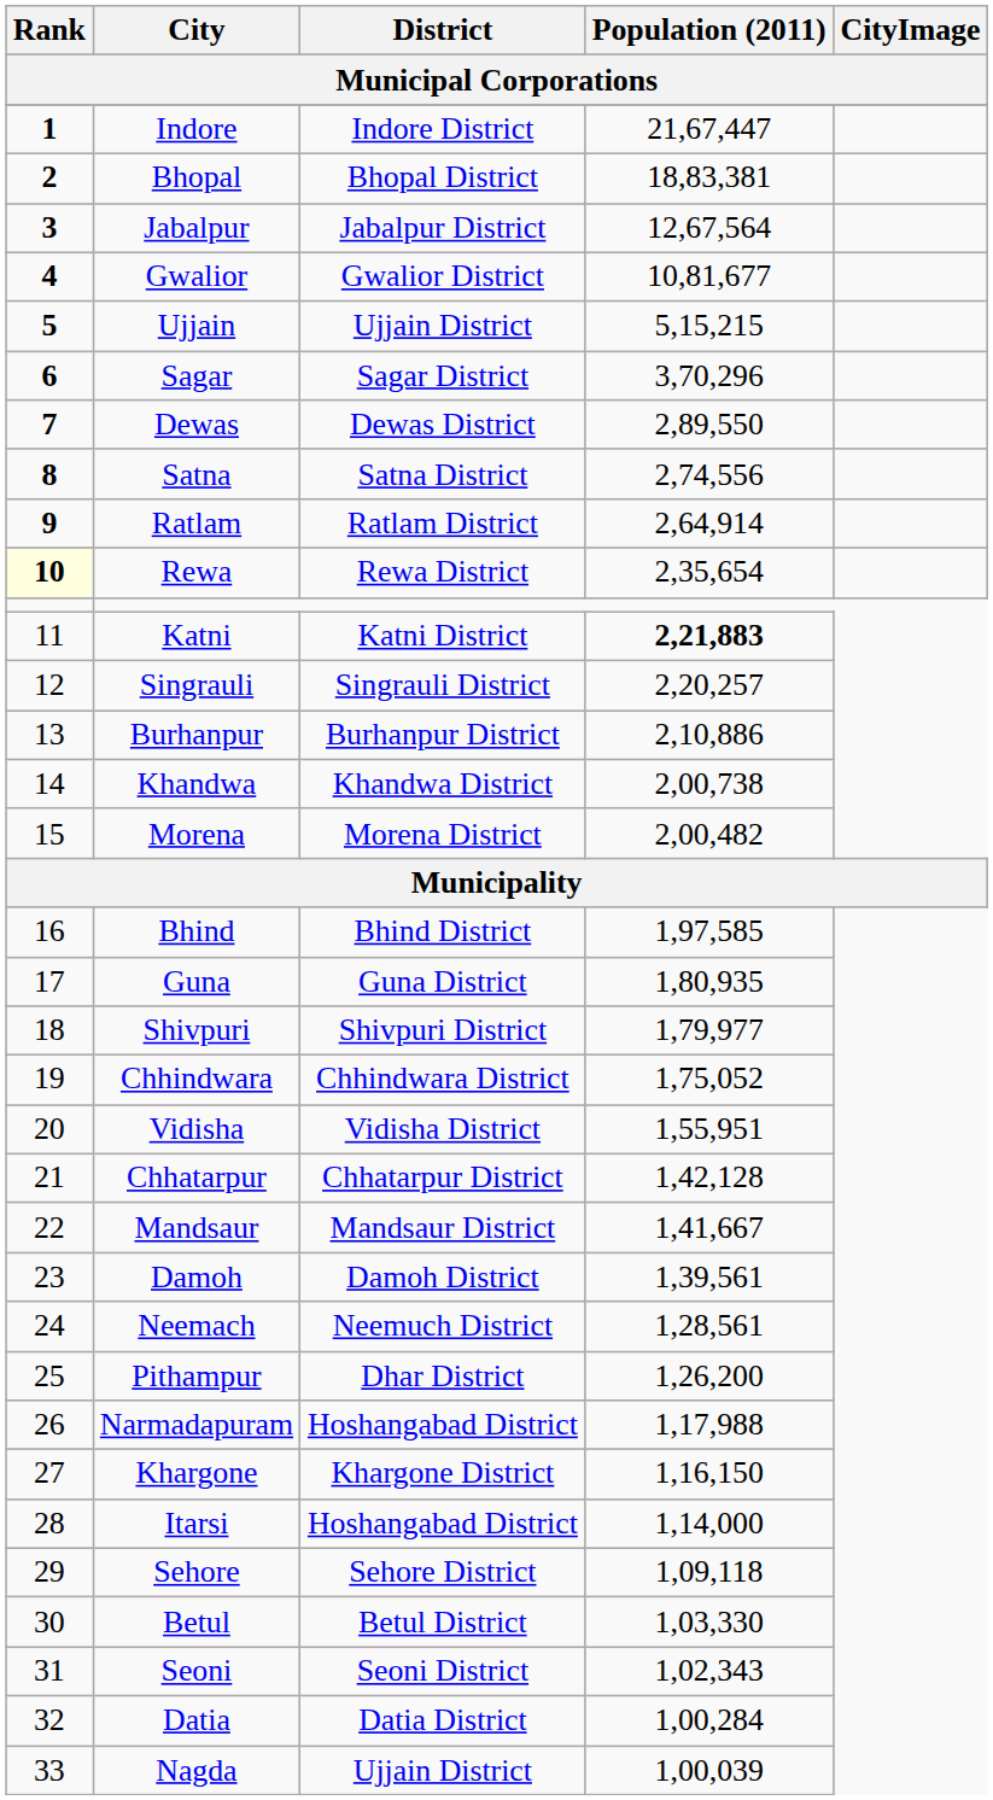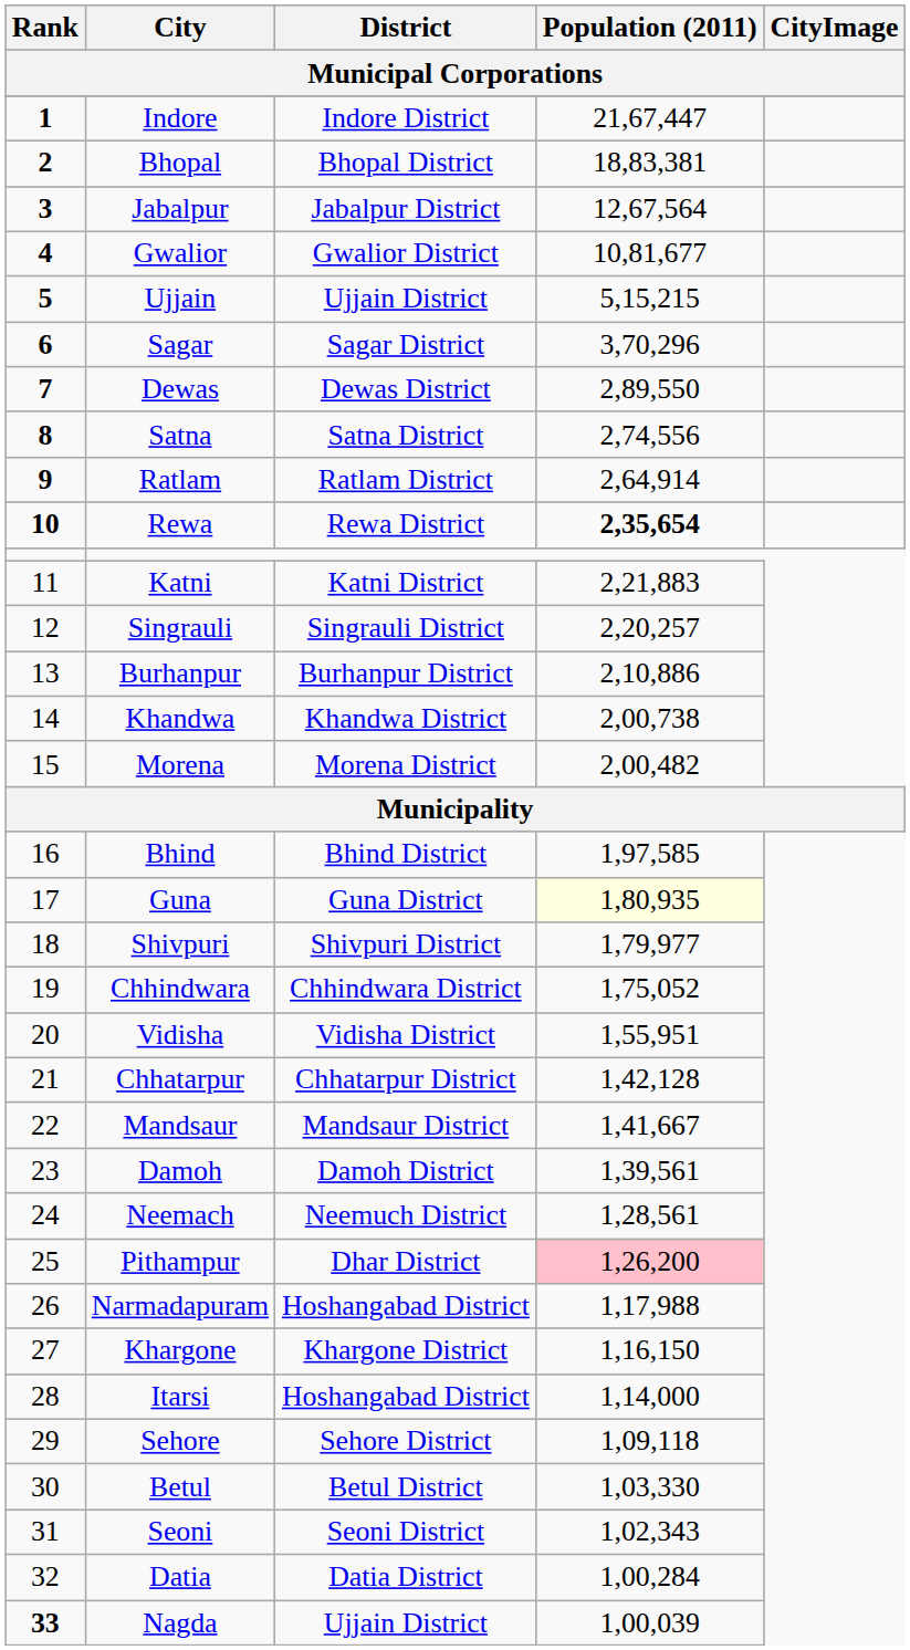 <table class="wikitable" style="margin-left: auto; margin-right: auto; border: none; text-align:center;">
 <tr>
 <th scope="col">Rank</th>
 <th>City</th>
 <th>District</th>
 <th>Population (2011)</th>
 <th>CityImage</th>
 </tr>
 <tr>
 <th colspan="6" style="text-align:center;"><span><strong>Municipal Corporations</strong></span></th>
 </tr>
 <tr>
 </tr>
 <tr>
 <td><strong>1</strong></td>
 <td><a href='#'>Indore</a></td>
 <td><a href='#'>Indore District</a></td>
 <td>21,67,447</td>
 <td></td>
 </tr>
 <tr>
 <td><strong>2</strong></td>
 <td><a href='#'>Bhopal</a></td>
 <td><a href='#'>Bhopal District</a></td>
 <td>18,83,381</td>
 <td></td>
 </tr>
 <tr>
 <td><strong>3</strong></td>
 <td><a href='#'>Jabalpur</a></td>
 <td><a href='#'>Jabalpur District</a></td>
 <td>12,67,564</td>
 <td></td>
 </tr>
 <tr>
 <td><strong>4</strong></td>
 <td><a href='#'>Gwalior</a></td>
 <td><a href='#'>Gwalior District</a></td>
 <td>10,81,677</td>
 <td></td>
 </tr>
 <tr>
 <td><strong>5</strong></td>
 <td><a href='#'>Ujjain</a></td>
 <td><a href='#'>Ujjain District</a></td>
 <td>5,15,215</td>
 <td></td>
 </tr>
 <tr>
 <td><strong>6</strong></td>
 <td><a href='#'>Sagar</a></td>
 <td><a href='#'>Sagar District</a></td>
 <td>3,70,296</td>
 <td></td>
 </tr>
 <tr>
 <td><strong>7</strong></td>
 <td><a href='#'>Dewas</a></td>
 <td><a href='#'>Dewas District</a></td>
 <td>2,89,550</td>
 <td></td>
 </tr>
 <tr>
 <td><strong>8</strong></td>
 <td><a href='#'>Satna</a></td>
 <td><a href='#'>Satna District</a></td>
 <td>2,74,556</td>
 <td></td>
 </tr>
 <tr>
 <td><strong>9</strong></td>
 <td><a href='#'>Ratlam</a></td>
 <td><a href='#'>Ratlam District</a></td>
 <td>2,64,914</td>
 <td></td>
 </tr>
 <tr>
-<td style="background: lightyellow;"><strong>10</strong></td>
+<td><strong>10</strong></td>
 <td><a href='#'>Rewa</a></td>
 <td><a href='#'>Rewa District</a></td>
-<td>2,35,654</td>
+<td><strong>2,35,654</strong></td>
 <td></td>
 </tr>
 <tr>
 <td></td>
 </tr>
 <tr>
 <td>11</td>
 <td><a href='#'>Katni</a></td>
 <td><a href='#'>Katni District</a></td>
-<td><strong>2,21,883</strong></td>
+<td>2,21,883</td>
 </tr>
 <tr>
 <td>12</td>
 <td><a href='#'>Singrauli</a></td>
 <td><a href='#'>Singrauli District</a></td>
 <td>2,20,257</td>
 </tr>
 <tr>
 <td>13</td>
 <td><a href='#'>Burhanpur</a></td>
 <td><a href='#'>Burhanpur District</a></td>
 <td>2,10,886</td>
 </tr>
 <tr>
 <td>14</td>
 <td><a href='#'>Khandwa</a></td>
 <td><a href='#'>Khandwa District</a></td>
 <td>2,00,738</td>
 </tr>
 <tr>
 <td>15</td>
 <td><a href='#'>Morena</a></td>
 <td><a href='#'>Morena District</a></td>
 <td>2,00,482</td>
 </tr>
 <tr>
 <th colspan="6" style="text-align:center;"><span><strong>Municipality</strong></span></th>
 </tr>
 <tr>
 <td>16</td>
 <td><a href='#'>Bhind</a></td>
 <td><a href='#'>Bhind District</a></td>
 <td>1,97,585</td>
 </tr>
 <tr>
 <td>17</td>
 <td><a href='#'>Guna</a></td>
 <td><a href='#'>Guna District</a></td>
-<td>1,80,935</td>
+<td style="background: lightyellow;">1,80,935</td>
 </tr>
 <tr>
 <td>18</td>
 <td><a href='#'>Shivpuri</a></td>
 <td><a href='#'>Shivpuri District</a></td>
 <td>1,79,977</td>
 </tr>
 <tr>
 <td>19</td>
 <td><a href='#'>Chhindwara</a></td>
 <td><a href='#'>Chhindwara District</a></td>
 <td>1,75,052</td>
 </tr>
 <tr>
 <td>20</td>
 <td><a href='#'>Vidisha</a></td>
 <td><a href='#'>Vidisha District</a></td>
 <td>1,55,951</td>
 </tr>
 <tr>
 <td>21</td>
 <td><a href='#'>Chhatarpur</a></td>
 <td><a href='#'>Chhatarpur District</a></td>
 <td>1,42,128</td>
 </tr>
 <tr>
 <td>22</td>
 <td><a href='#'>Mandsaur</a></td>
 <td><a href='#'>Mandsaur District</a></td>
 <td>1,41,667</td>
 </tr>
 <tr>
 <td>23</td>
 <td><a href='#'>Damoh</a></td>
 <td><a href='#'>Damoh District</a></td>
 <td>1,39,561</td>
 </tr>
 <tr>
 <td>24</td>
 <td><a href='#'>Neemach</a></td>
 <td><a href='#'>Neemuch District</a></td>
 <td>1,28,561</td>
 </tr>
 <tr>
 <td>25</td>
 <td><a href='#'>Pithampur</a></td>
 <td><a href='#'>Dhar District</a></td>
-<td>1,26,200</td>
+<td style="background: pink;">1,26,200</td>
 </tr>
 <tr>
 <td>26</td>
 <td><a href='#'>Narmadapuram</a></td>
 <td><a href='#'>Hoshangabad District</a></td>
 <td>1,17,988</td>
 </tr>
 <tr>
 <td>27</td>
 <td><a href='#'>Khargone</a></td>
 <td><a href='#'>Khargone District</a></td>
 <td>1,16,150</td>
 </tr>
 <tr>
 <td>28</td>
 <td><a href='#'>Itarsi</a></td>
 <td><a href='#'>Hoshangabad District</a></td>
 <td>1,14,000</td>
 </tr>
 <tr>
 <td>29</td>
 <td><a href='#'>Sehore</a></td>
 <td><a href='#'>Sehore District</a></td>
 <td>1,09,118</td>
 </tr>
 <tr>
 <td>30</td>
 <td><a href='#'>Betul</a></td>
 <td><a href='#'>Betul District</a></td>
 <td>1,03,330</td>
 </tr>
 <tr>
 <td>31</td>
 <td><a href='#'>Seoni</a></td>
 <td><a href='#'>Seoni District</a></td>
 <td>1,02,343</td>
 </tr>
 <tr>
 <td>32</td>
 <td><a href='#'>Datia</a></td>
 <td><a href='#'>Datia District</a></td>
 <td>1,00,284</td>
 </tr>
 <tr>
-<td>33</td>
+<td><strong>33</strong></td>
 <td><a href='#'>Nagda</a></td>
 <td><a href='#'>Ujjain District</a></td>
 <td>1,00,039</td>
 </tr>
 </table>
